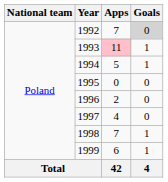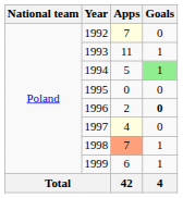 <table class="wikitable" style="text-align:center">
 <tr>
 <th>National team</th>
 <th>Year</th>
 <th>Apps</th>
 <th>Goals</th>
 </tr>
 <tr>
 <td rowspan="8"><a href='#'>Poland</a></td>
 <td>1992</td>
-<td>7</td>
-<td style="background: lightgrey;">0</td>
+<td style="background: lightyellow;">7</td>
+<td>0</td>
 </tr>
 <tr>
 <td>1993</td>
-<td style="background: pink;">11</td>
+<td>11</td>
 <td>1</td>
 </tr>
 <tr>
 <td>1994</td>
 <td>5</td>
-<td>1</td>
+<td style="background: lightgreen;">1</td>
 </tr>
 <tr>
 <td>1995</td>
 <td>0</td>
 <td>0</td>
 </tr>
 <tr>
 <td>1996</td>
 <td>2</td>
-<td>0</td>
+<td><strong>0</strong></td>
 </tr>
 <tr>
 <td>1997</td>
-<td>4</td>
+<td style="background: lightyellow;">4</td>
 <td>0</td>
 </tr>
 <tr>
 <td>1998</td>
-<td>7</td>
+<td style="background: lightsalmon;">7</td>
 <td>1</td>
 </tr>
 <tr>
 <td>1999</td>
 <td>6</td>
 <td>1</td>
 </tr>
 <tr>
 <th colspan="2">Total</th>
 <th>42</th>
 <th>4</th>
 </tr>
 </table>
